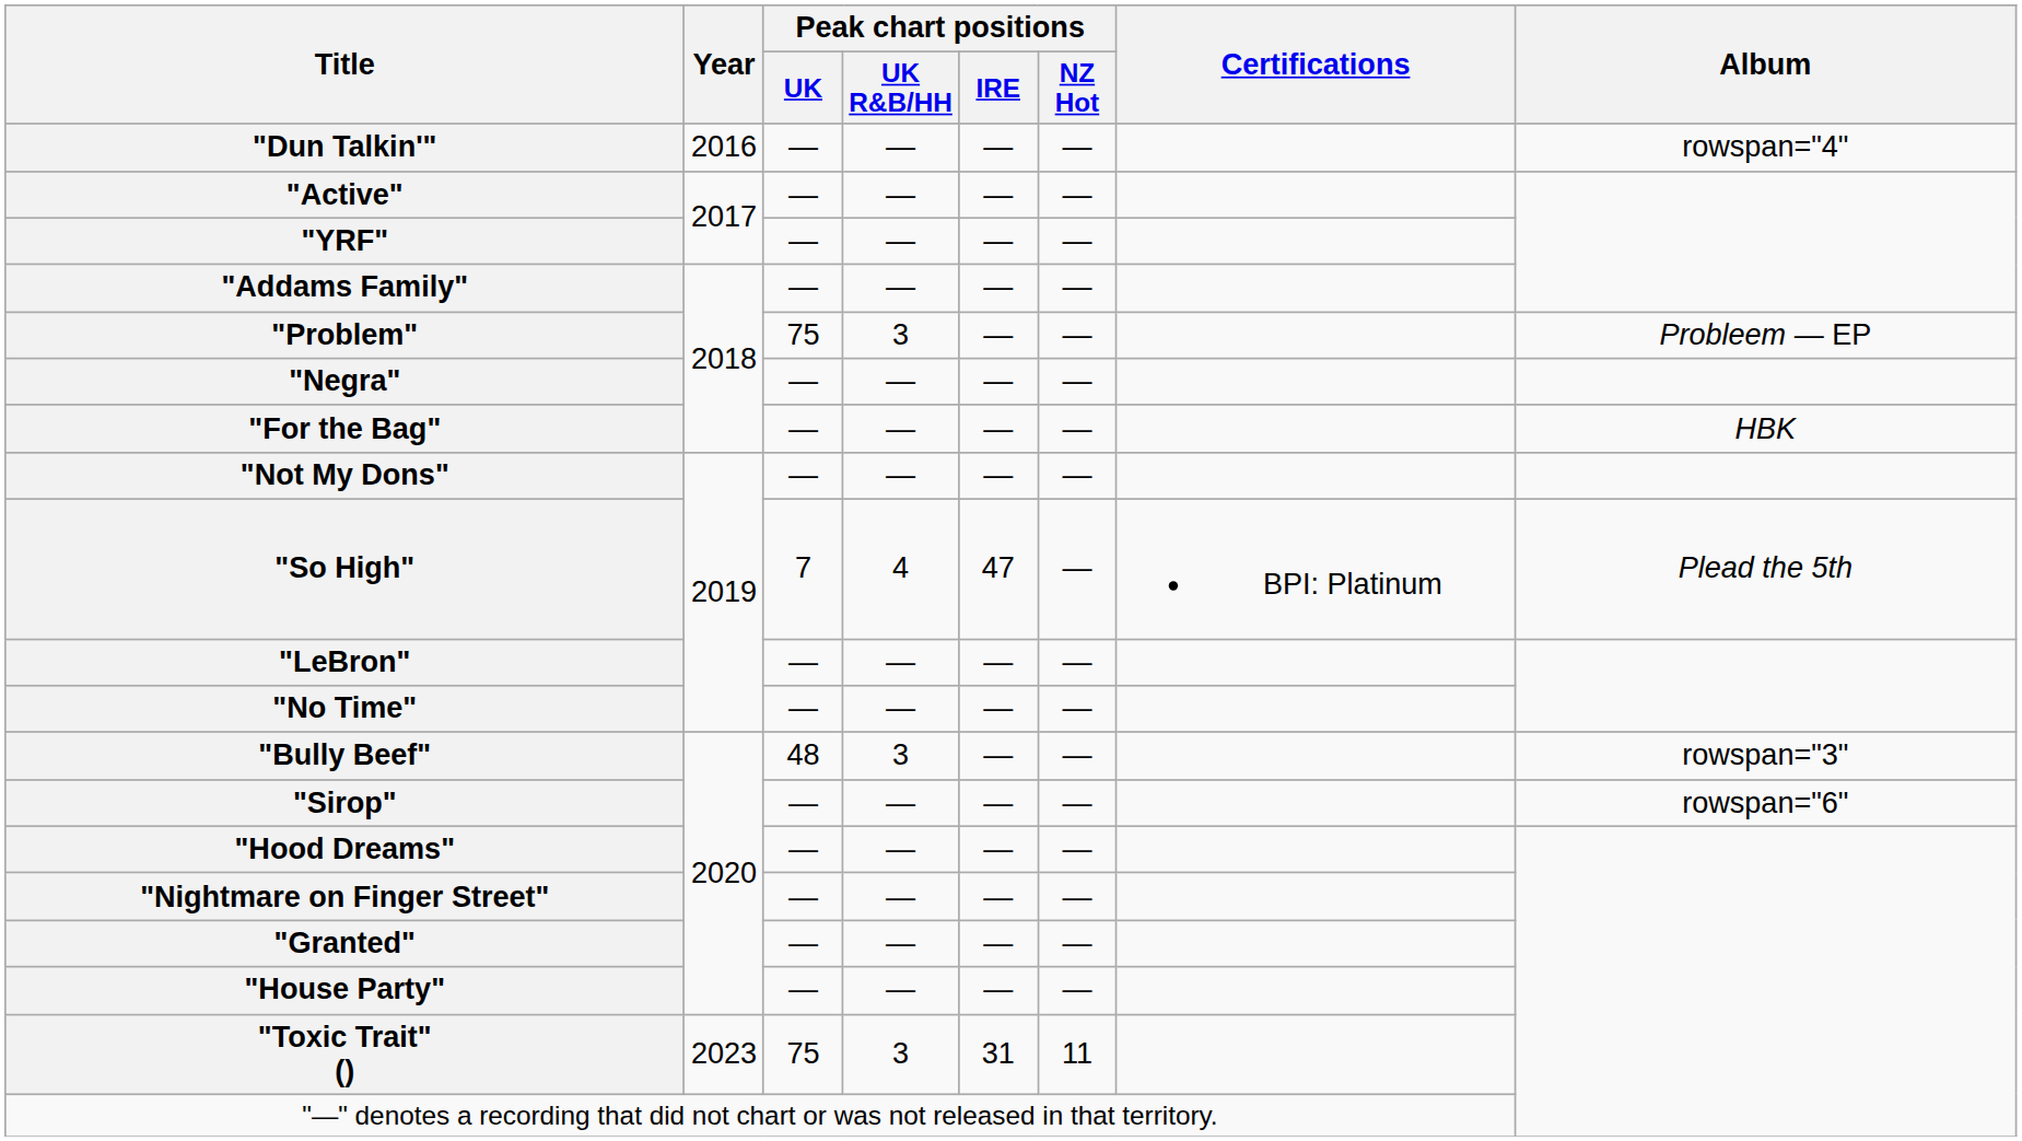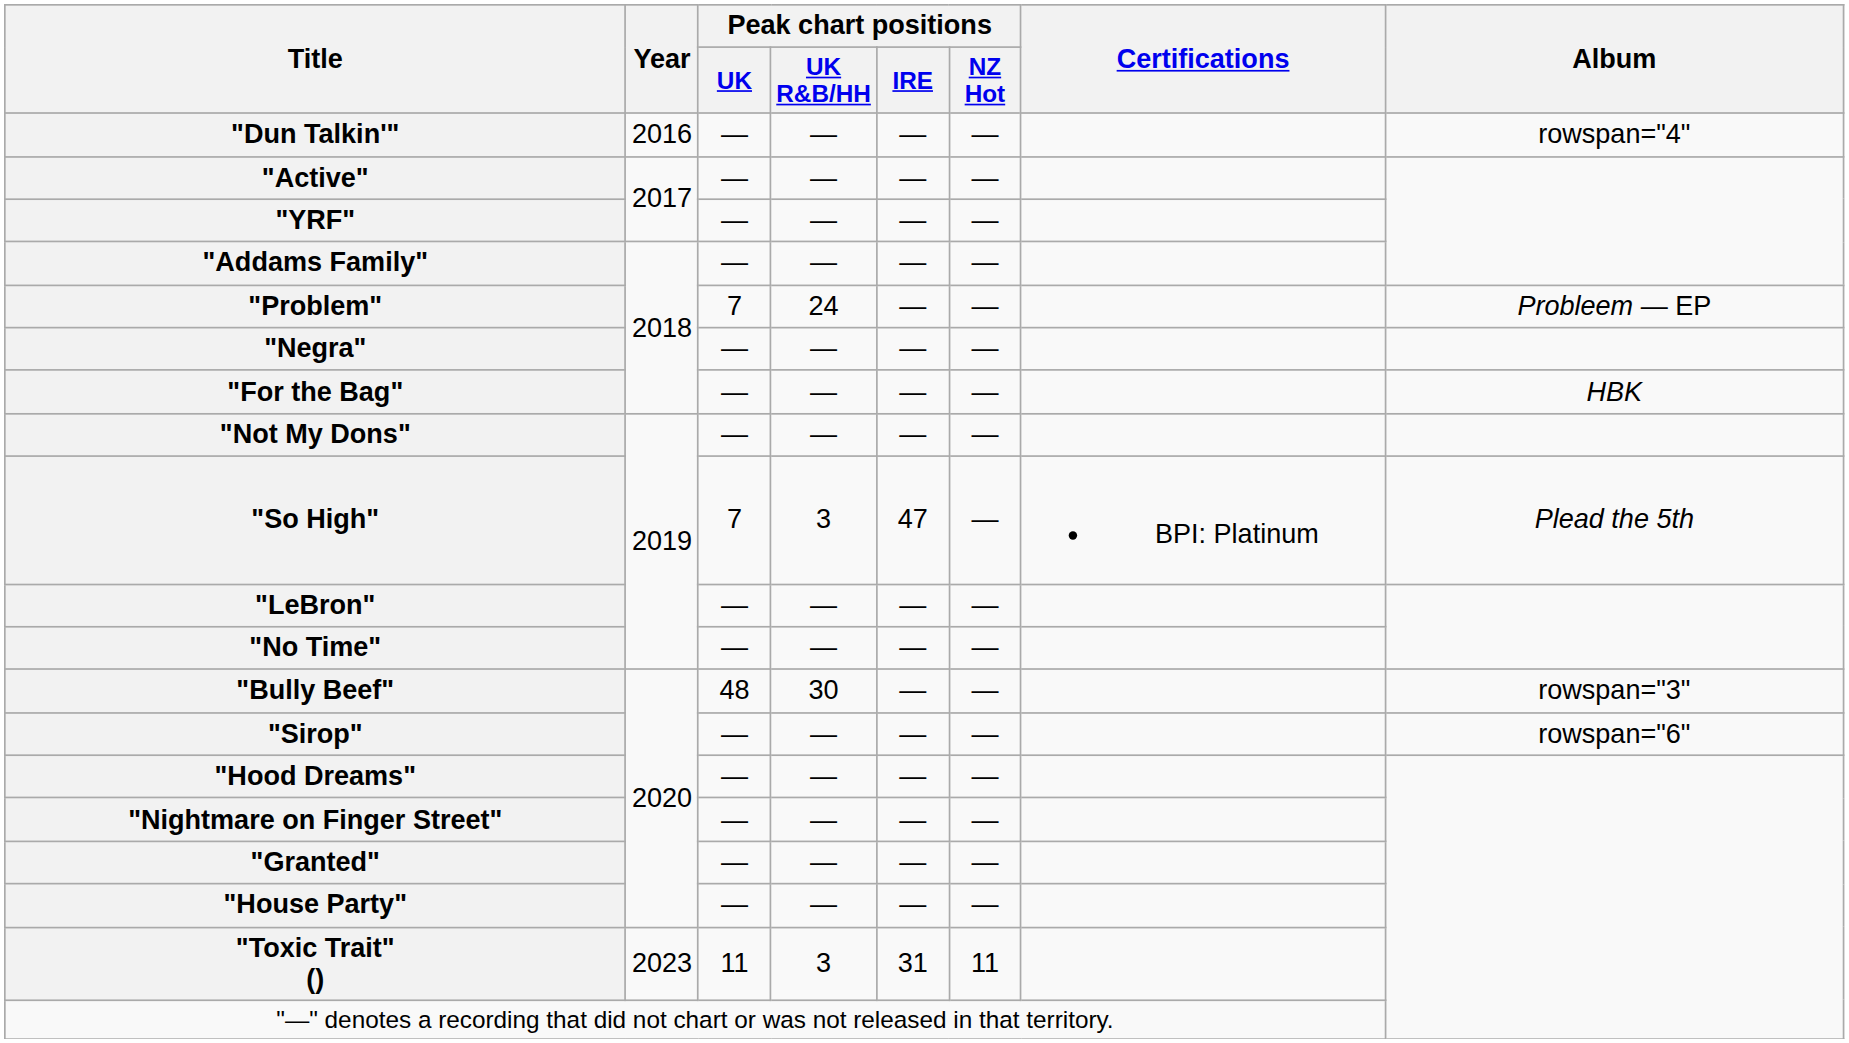 <table class="wikitable plainrowheaders" style="text-align:center;">
 <tr>
 <th scope="col" rowspan="2" style="width:22.5em;">Title</th>
 <th scope="col" rowspan="2" style="width:1em;">Year</th>
 <th scope="col" colspan="4">Peak chart positions</th>
 <th scope="col" rowspan="2" style="width:13em;"><a href='#'>Certifications</a></th>
 <th scope="col" rowspan="2" style="width:16.5em;">Album</th>
 </tr>
 <tr>
 <th scope="col" style="width:2.5em;font-size:90%;"><a href='#'>UK</a><br></th>
 <th scope="col" style="width:2.5em;font-size:90%;"><a href='#'>UK<br>R&B/HH</a><br></th>
 <th scope="col" style="width:2.5em;font-size:90%;"><a href='#'>IRE</a><br></th>
 <th scope="col" style="width:2.5em;font-size:90%;"><a href='#'>NZ<br>Hot</a><br></th>
 </tr>
 <tr>
 <th scope="row">"Dun Talkin'" <br></th>
 <td>2016</td>
 <td>—</td>
 <td>—</td>
 <td>—</td>
 <td>—</td>
 <td></td>
 <td>rowspan="4" </td>
 </tr>
 <tr>
 <th scope="row">"Active"<br></th>
 <td rowspan="2">2017</td>
 <td>—</td>
 <td>—</td>
 <td>—</td>
 <td>—</td>
 <td></td>
 </tr>
 <tr>
 <th scope="row">"YRF"<br></th>
 <td>—</td>
 <td>—</td>
 <td>—</td>
 <td>—</td>
 <td></td>
 </tr>
 <tr>
 <th scope="row">"Addams Family"<br></th>
 <td rowspan="4">2018</td>
 <td>—</td>
 <td>—</td>
 <td>—</td>
 <td>—</td>
 <td></td>
 </tr>
 <tr>
 <th scope="row">"Problem"<br></th>
-<td>75</td>
-<td>3</td>
+<td>7</td>
+<td>24</td>
 <td>—</td>
 <td>—</td>
 <td></td>
 <td><em>Probleem</em> — EP</td>
 </tr>
 <tr>
 <th scope="row">"Negra"<br></th>
 <td>—</td>
 <td>—</td>
 <td>—</td>
 <td>—</td>
 <td></td>
 <td></td>
 </tr>
 <tr>
 <th scope="row">"For the Bag"<br></th>
 <td>—</td>
 <td>—</td>
 <td>—</td>
 <td>—</td>
 <td></td>
 <td><em>HBK</em></td>
 </tr>
 <tr>
 <th scope="row">"Not My Dons"<br></th>
 <td rowspan="4">2019</td>
 <td>—</td>
 <td>—</td>
 <td>—</td>
 <td>—</td>
 <td></td>
 <td></td>
 </tr>
 <tr>
 <th scope="row">"So High"<br></th>
 <td>7</td>
-<td>4</td>
+<td>3</td>
 <td>47</td>
 <td>—</td>
 <td><br><ul><li>BPI: Platinum</li></ul></td>
 <td><em>Plead the 5th</em></td>
 </tr>
 <tr>
 <th scope="row">"LeBron"<br></th>
 <td>—</td>
 <td>—</td>
 <td>—</td>
 <td>—</td>
 <td></td>
 </tr>
 <tr>
 <th scope="row">"No Time"<br></th>
 <td>—</td>
 <td>—</td>
 <td>—</td>
 <td>—</td>
 <td></td>
 </tr>
 <tr>
 <th scope="row">"Bully Beef"<br></th>
 <td rowspan="6">2020</td>
 <td>48</td>
-<td>3</td>
+<td>30</td>
 <td>—</td>
 <td>—</td>
 <td></td>
 <td>rowspan="3" </td>
 </tr>
 <tr>
 <th scope="row">"Sirop"<br></th>
 <td>—</td>
 <td>—</td>
 <td>—</td>
 <td>—</td>
 <td></td>
 <td>rowspan="6" </td>
 </tr>
 <tr>
 <th scope="row">"Hood Dreams"<br></th>
 <td>—</td>
 <td>—</td>
 <td>—</td>
 <td>—</td>
 <td></td>
 </tr>
 <tr>
 <th scope="row">"Nightmare on Finger Street"<br></th>
 <td>—</td>
 <td>—</td>
 <td>—</td>
 <td>—</td>
 <td></td>
 </tr>
 <tr>
 <th scope="row">"Granted"<br></th>
 <td>—</td>
 <td>—</td>
 <td>—</td>
 <td>—</td>
 <td></td>
 </tr>
 <tr>
 <th scope="row">"House Party"<br></th>
 <td>—</td>
 <td>—</td>
 <td>—</td>
 <td>—</td>
 <td></td>
 </tr>
 <tr>
 <th scope="row">"Toxic Trait"<br>()</th>
 <td>2023</td>
-<td>75</td>
+<td>11</td>
 <td>3</td>
 <td>31</td>
 <td>11</td>
 <td></td>
 </tr>
 <tr>
 <td colspan="7" style="font-size:90%">"—" denotes a recording that did not chart or was not released in that territory.</td>
 </tr>
 </table>
